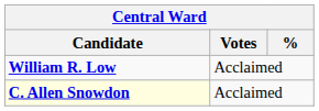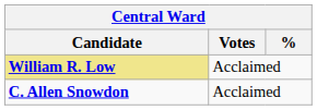 <table class="wikitable">
 <tr>
 <th colspan="3"><a href='#'>Central Ward</a></th>
 </tr>
 <tr>
 <th style="width: 200px">Candidate</th>
 <th style="width: 50px">Votes</th>
 <th style="width: 40px">%</th>
 </tr>
 <tr>
-<td><strong><a href='#'>William R. Low</a></strong></td>
+<td style="background: khaki;"><strong><a href='#'>William R. Low</a></strong></td>
 <td colspan="2">Acclaimed</td>
 </tr>
 <tr>
-<td style="background: lightyellow;"><strong><a href='#'>C. Allen Snowdon</a></strong></td>
+<td><strong><a href='#'>C. Allen Snowdon</a></strong></td>
 <td colspan="2">Acclaimed</td>
 </tr>
 </table>
